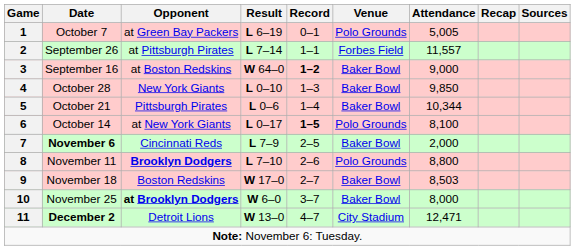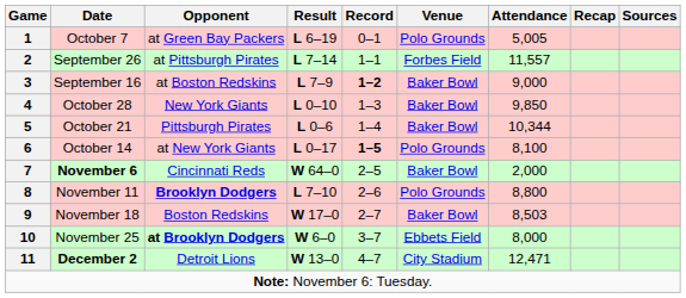 <table class="wikitable" style="text-align:center">
 <tr>
 <th>Game</th>
 <th>Date</th>
 <th>Opponent</th>
 <th>Result</th>
 <th>Record</th>
 <th>Venue</th>
 <th>Attendance</th>
 <th>Recap</th>
 <th>Sources</th>
 </tr>
 <tr style="background:#fcc">
 <th>1</th>
 <td>October 7</td>
 <td>at <a href='#'>Green Bay Packers</a></td>
 <td><strong>L</strong> 6–19</td>
 <td>0–1</td>
 <td><a href='#'>Polo Grounds</a></td>
 <td>5,005</td>
 <td></td>
 <td></td>
 </tr>
 <tr style="background:#cfc">
 <th>2</th>
 <td>September 26</td>
 <td>at <a href='#'>Pittsburgh Pirates</a></td>
 <td><strong>L</strong> 7–14</td>
 <td>1–1</td>
 <td><a href='#'>Forbes Field</a></td>
 <td>11,557</td>
 <td></td>
 <td></td>
 </tr>
 <tr style="background:#fcc">
 <th>3</th>
 <td>September 16</td>
 <td>at <a href='#'>Boston Redskins</a></td>
-<td><strong>W</strong> 64–0</td>
+<td><strong>L</strong> 7–9</td>
 <td><strong>1–2</strong></td>
 <td><a href='#'>Baker Bowl</a></td>
 <td>9,000</td>
 <td></td>
 <td></td>
 </tr>
 <tr style="background:#fcc">
 <th>4</th>
 <td>October 28</td>
 <td><a href='#'>New York Giants</a></td>
 <td><strong>L</strong> 0–10</td>
 <td>1–3</td>
 <td><a href='#'>Baker Bowl</a></td>
 <td>9,850</td>
 <td></td>
 <td></td>
 </tr>
 <tr style="background:#fcc">
 <th>5</th>
 <td>October 21</td>
 <td><a href='#'>Pittsburgh Pirates</a></td>
 <td><strong>L</strong> 0–6</td>
 <td>1–4</td>
 <td><a href='#'>Baker Bowl</a></td>
 <td>10,344</td>
 <td></td>
 <td></td>
 </tr>
 <tr style="background:#fcc">
 <th>6</th>
 <td>October 14</td>
 <td>at <a href='#'>New York Giants</a></td>
 <td><strong>L</strong> 0–17</td>
 <td><strong>1–5</strong></td>
 <td><a href='#'>Polo Grounds</a></td>
 <td>8,100</td>
 <td></td>
 <td></td>
 </tr>
 <tr style="background:#cfc">
 <th>7</th>
 <td><strong>November 6</strong></td>
 <td><a href='#'>Cincinnati Reds</a></td>
-<td><strong>L</strong> 7–9</td>
+<td><strong>W</strong> 64–0</td>
 <td>2–5</td>
 <td><a href='#'>Baker Bowl</a></td>
 <td>2,000</td>
 <td></td>
 <td></td>
 </tr>
 <tr style="background:#fcc">
 <th>8</th>
 <td>November 11</td>
 <td><strong><a href='#'>Brooklyn Dodgers</a></strong></td>
 <td><strong>L</strong> 7–10</td>
 <td>2–6</td>
 <td><a href='#'>Polo Grounds</a></td>
 <td>8,800</td>
 <td></td>
 <td></td>
 </tr>
 <tr style="background:#fcc">
 <th>9</th>
 <td>November 18</td>
 <td><a href='#'>Boston Redskins</a></td>
 <td><strong>W</strong> 17–0</td>
 <td>2–7</td>
 <td><a href='#'>Baker Bowl</a></td>
 <td>8,503</td>
 <td></td>
 <td></td>
 </tr>
 <tr style="background:#cfc">
 <th>10</th>
 <td>November 25</td>
 <td><strong>at <a href='#'>Brooklyn Dodgers</a></strong></td>
 <td><strong>W</strong> 6–0</td>
 <td>3–7</td>
-<td><a href='#'>Baker Bowl</a></td>
+<td><a href='#'>Ebbets Field</a></td>
 <td>8,000</td>
 <td></td>
 <td></td>
 </tr>
 <tr style="background:#cfc">
 <th>11</th>
 <td><strong>December 2</strong></td>
 <td><a href='#'>Detroit Lions</a></td>
 <td><strong>W</strong> 13–0</td>
 <td>4–7</td>
 <td><a href='#'>City Stadium</a></td>
 <td>12,471</td>
 <td></td>
 <td></td>
 </tr>
 <tr>
 <td colspan="10"><strong>Note:</strong> November 6: Tuesday.</td>
 </tr>
 </table>
